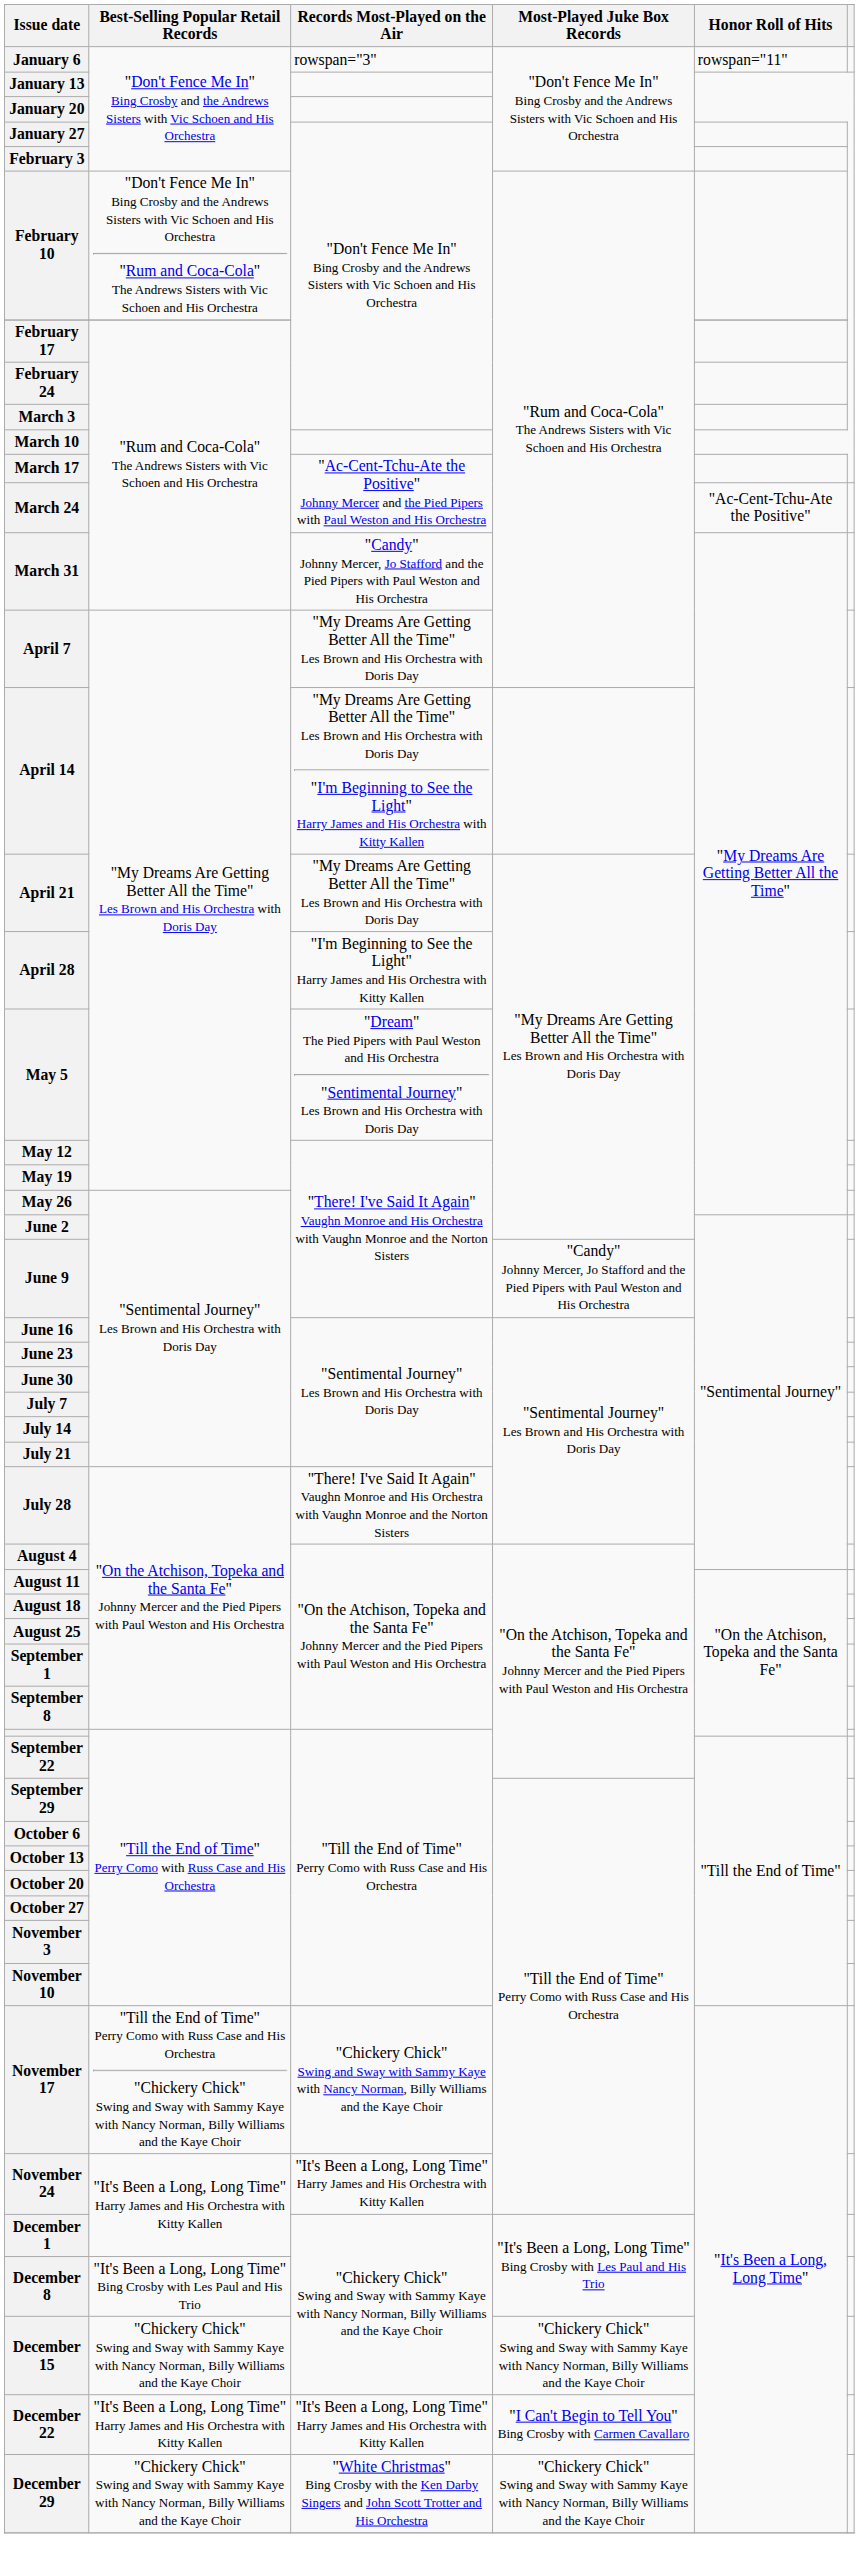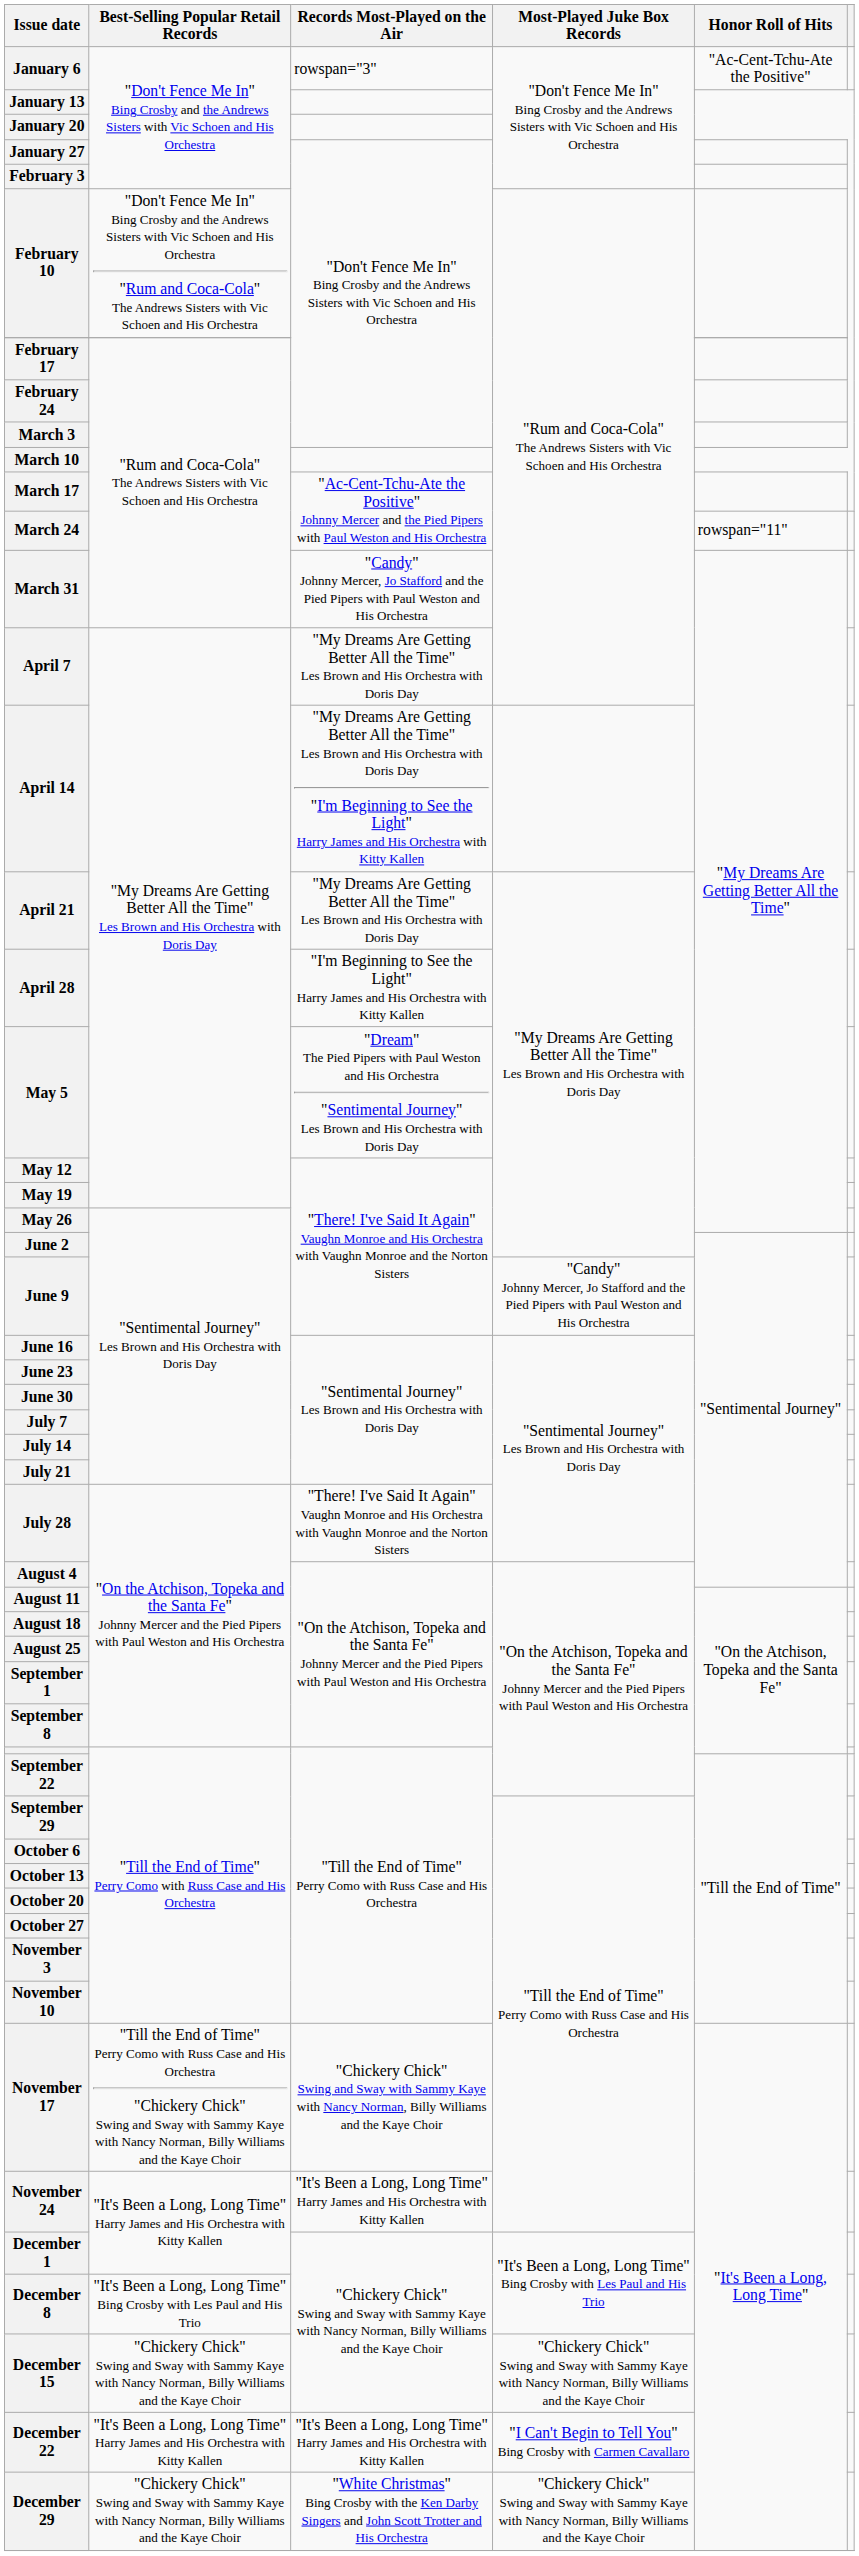 <table class="wikitable sortable plainrowheaders">
 <tr>
 <th>Issue date</th>
 <th>Best-Selling Popular Retail Records</th>
 <th>Records Most-Played on the Air</th>
 <th>Most-Played Juke Box Records</th>
 <th>Honor Roll of Hits</th>
 <th></th>
 </tr>
 <tr>
 <th scope="row">January 6</th>
 <td rowspan="5" style="text-align: center;">"<a href='#'>Don't Fence Me In</a>"<br><small><a href='#'>Bing Crosby</a> and <a href='#'>the Andrews Sisters</a> with <a href='#'>Vic Schoen and His Orchestra</a></small></td>
 <td>rowspan="3" </td>
 <td rowspan="5" style="text-align: center;">"Don't Fence Me In"<br><small>Bing Crosby and the Andrews Sisters with Vic Schoen and His Orchestra</small></td>
-<td>rowspan="11" </td>
+<td style="text-align: center;">"Ac-Cent-Tchu-Ate the Positive"</td>
 <td style="text-align: center;"></td>
 </tr>
 <tr>
 <th scope="row">January 13</th>
 <td style="text-align: center;"></td>
 </tr>
 <tr>
 <th scope="row">January 20</th>
 <td style="text-align: center;"></td>
 </tr>
 <tr>
 <th scope="row">January 27</th>
 <td rowspan="7" style="text-align: center;">"Don't Fence Me In"<br><small>Bing Crosby and the Andrews Sisters with Vic Schoen and His Orchestra</small></td>
 <td style="text-align: center;"></td>
 </tr>
 <tr>
 <th scope="row">February 3</th>
 <td style="text-align: center;"></td>
 </tr>
 <tr>
 <th scope="row">February 10</th>
 <td style="text-align: center;">"Don't Fence Me In"<br><small>Bing Crosby and the Andrews Sisters with Vic Schoen and His Orchestra</small><hr>"<a href='#'>Rum and Coca-Cola</a>"<br><small>The Andrews Sisters with Vic Schoen and His Orchestra</small></td>
 <td rowspan="10" style="text-align: center;">"Rum and Coca-Cola"<br><small>The Andrews Sisters with Vic Schoen and His Orchestra</small></td>
 <td style="text-align: center;"></td>
 </tr>
 <tr>
 </tr>
 <tr>
 <th scope="row">February 17</th>
 <td rowspan="7" style="text-align: center;">"Rum and Coca-Cola"<br><small>The Andrews Sisters with Vic Schoen and His Orchestra</small></td>
 <td style="text-align: center;"></td>
 </tr>
 <tr>
 <th scope="row">February 24</th>
 <td style="text-align: center;"></td>
 </tr>
 <tr>
 <th scope="row">March 3</th>
 <td style="text-align: center;"></td>
 </tr>
 <tr>
 <th scope="row">March 10</th>
 <td style="text-align: center;"></td>
 </tr>
 <tr>
 <th scope="row">March 17</th>
 <td rowspan="2" style="text-align: center;">"<a href='#'>Ac-Cent-Tchu-Ate the Positive</a>"<br><small><a href='#'>Johnny Mercer</a> and <a href='#'>the Pied Pipers</a> with <a href='#'>Paul Weston and His Orchestra</a></small></td>
 <td style="text-align: center;"></td>
 </tr>
 <tr>
 <th scope="row">March 24</th>
-<td style="text-align: center;">"Ac-Cent-Tchu-Ate the Positive"</td>
+<td>rowspan="11" </td>
 <td style="text-align: center;"></td>
 </tr>
 <tr>
 <th scope="row">March 31</th>
 <td style="text-align: center;">"<a href='#'>Candy</a>"<br><small>Johnny Mercer, <a href='#'>Jo Stafford</a> and the Pied Pipers with Paul Weston and His Orchestra</small></td>
 <td style="text-align: center;" rowspan="9">"<a href='#'>My Dreams Are Getting Better All the Time</a>"</td>
 <td style="text-align: center;"></td>
 </tr>
 <tr>
 <th scope="row">April 7</th>
 <td style="text-align: center;" rowspan="7">"My Dreams Are Getting Better All the Time"<br><small><a href='#'>Les Brown and His Orchestra</a> with <a href='#'>Doris Day</a></small></td>
 <td style="text-align: center;">"My Dreams Are Getting Better All the Time"<br><small>Les Brown and His Orchestra with Doris Day</small></td>
 <td style="text-align: center;"></td>
 </tr>
 <tr>
 <th scope="row">April 14</th>
 <td style="text-align: center;">"My Dreams Are Getting Better All the Time"<br><small>Les Brown and His Orchestra with Doris Day</small><hr>"<a href='#'>I'm Beginning to See the Light</a>"<br><small><a href='#'>Harry James and His Orchestra</a> with <a href='#'>Kitty Kallen</a></small></td>
 <td style="text-align: center;"></td>
 </tr>
 <tr>
 <th scope="row">April 21</th>
 <td style="text-align: center;">"My Dreams Are Getting Better All the Time"<br><small>Les Brown and His Orchestra with Doris Day</small></td>
 <td style="text-align: center;" rowspan="7">"My Dreams Are Getting Better All the Time"<br><small>Les Brown and His Orchestra with Doris Day</small></td>
 <td style="text-align: center;"></td>
 </tr>
 <tr>
 <th scope="row">April 28</th>
 <td style="text-align: center;">"I'm Beginning to See the Light"<br><small>Harry James and His Orchestra with Kitty Kallen</small></td>
 <td style="text-align: center;"></td>
 </tr>
 <tr>
 <th scope="row">May 5</th>
 <td style="text-align: center;">"<a href='#'>Dream</a>"<br><small>The Pied Pipers with Paul Weston and His Orchestra</small><hr>"<a href='#'>Sentimental Journey</a>"<br><small>Les Brown and His Orchestra with Doris Day</small></td>
 <td style="text-align: center;"></td>
 </tr>
 <tr>
 <th scope="row">May 12</th>
 <td style="text-align: center;" rowspan="5">"<a href='#'>There! I've Said It Again</a>"<br><small><a href='#'>Vaughn Monroe and His Orchestra</a> with Vaughn Monroe and the Norton Sisters</small></td>
 <td style="text-align: center;"></td>
 </tr>
 <tr>
 <th scope="row">May 19</th>
 <td style="text-align: center;"></td>
 </tr>
 <tr>
 <th scope="row">May 26</th>
 <td style="text-align: center;" rowspan="9">"Sentimental Journey"<br><small>Les Brown and His Orchestra with Doris Day</small></td>
 <td style="text-align: center;"></td>
 </tr>
 <tr>
 <th scope="row">June 2</th>
 <td style="text-align: center;" rowspan="10">"Sentimental Journey"</td>
 <td style="text-align: center;"></td>
 </tr>
 <tr>
 <th scope="row">June 9</th>
 <td style="text-align: center;">"Candy"<br><small>Johnny Mercer, Jo Stafford and the Pied Pipers with Paul Weston and His Orchestra</small></td>
 <td style="text-align: center;"></td>
 </tr>
 <tr>
 <th scope="row">June 16</th>
 <td style="text-align: center;" rowspan="6">"Sentimental Journey"<br><small>Les Brown and His Orchestra with Doris Day</small></td>
 <td style="text-align: center;" rowspan="7">"Sentimental Journey"<br><small>Les Brown and His Orchestra with Doris Day</small></td>
 <td style="text-align: center;"></td>
 </tr>
 <tr>
 <th scope="row">June 23</th>
 <td style="text-align: center;"></td>
 </tr>
 <tr>
 <th scope="row">June 30</th>
 <td style="text-align: center;"></td>
 </tr>
 <tr>
 <th scope="row">July 7</th>
 <td style="text-align: center;"></td>
 </tr>
 <tr>
 <th scope="row">July 14</th>
 <td style="text-align: center;"></td>
 </tr>
 <tr>
 <th scope="row">July 21</th>
 <td style="text-align: center;"></td>
 </tr>
 <tr>
 <th scope="row">July 28</th>
 <td style="text-align: center;" rowspan="7">"<a href='#'>On the Atchison, Topeka and the Santa Fe</a>"<br><small>Johnny Mercer and the Pied Pipers with Paul Weston and His Orchestra</small></td>
 <td style="text-align: center;">"There! I've Said It Again"<br><small>Vaughn Monroe and His Orchestra with Vaughn Monroe and the Norton Sisters</small></td>
 <td style="text-align: center;"></td>
 </tr>
 <tr>
 <th scope="row">August 4</th>
 <td style="text-align: center;" rowspan="6">"On the Atchison, Topeka and the Santa Fe"<br><small>Johnny Mercer and the Pied Pipers with Paul Weston and His Orchestra</small></td>
 <td style="text-align: center;" rowspan="8">"On the Atchison, Topeka and the Santa Fe"<br><small>Johnny Mercer and the Pied Pipers with Paul Weston and His Orchestra</small></td>
 <td style="text-align: center;"></td>
 </tr>
 <tr>
 <th scope="row">August 11</th>
 <td style="text-align: center;" rowspan="6">"On the Atchison, Topeka and the Santa Fe"</td>
 <td style="text-align: center;"></td>
 </tr>
 <tr>
 <th scope="row">August 18</th>
 <td style="text-align: center;"></td>
 </tr>
 <tr>
 <th scope="row">August 25</th>
 <td style="text-align: center;"></td>
 </tr>
 <tr>
 <th scope="row">September 1</th>
 <td style="text-align: center;"></td>
 </tr>
 <tr>
 <th scope="row">September 8</th>
 <td style="text-align: center;"></td>
 </tr>
 <tr>
 <th scope="row"></th>
 <td rowspan="9" style="text-align: center;">"<a href='#'>Till the End of Time</a>"<br><small><a href='#'>Perry Como</a> with <a href='#'>Russ Case and His Orchestra</a></small></td>
 <td rowspan="9" style="text-align: center;">"Till the End of Time"<br><small>Perry Como with Russ Case and His Orchestra</small></td>
 <td style="text-align: center;"></td>
 </tr>
 <tr>
 <th scope="row">September 22</th>
 <td style="text-align: center;" rowspan="8">"Till the End of Time"</td>
 <td style="text-align: center;"></td>
 </tr>
 <tr>
 <th scope="row">September 29</th>
 <td rowspan="9" style="text-align: center;">"Till the End of Time"<br><small>Perry Como with Russ Case and His Orchestra</small></td>
 <td style="text-align: center;"></td>
 </tr>
 <tr>
 <th scope="row">October 6</th>
 <td style="text-align: center;"></td>
 </tr>
 <tr>
 <th scope="row">October 13</th>
 <td style="text-align: center;"></td>
 </tr>
 <tr>
 <th scope="row">October 20</th>
 <td style="text-align: center;"></td>
 </tr>
 <tr>
 <th scope="row">October 27</th>
 <td style="text-align: center;"></td>
 </tr>
 <tr>
 <th scope="row">November 3</th>
 <td style="text-align: center;"></td>
 </tr>
 <tr>
 <th scope="row">November 10</th>
 <td style="text-align: center;"></td>
 </tr>
 <tr>
 <th scope="row">November 17</th>
 <td style="text-align: center;">"Till the End of Time"<br><small>Perry Como with Russ Case and His Orchestra</small><hr>"Chickery Chick"<br><small>Swing and Sway with Sammy Kaye with Nancy Norman, Billy Williams and the Kaye Choir</small></td>
 <td style="text-align: center;">"Chickery Chick"<br><small><a href='#'>Swing and Sway with Sammy Kaye</a> with <a href='#'>Nancy Norman</a>, Billy Williams and the Kaye Choir</small></td>
 <td style="text-align: center;" rowspan="7">"<a href='#'>It's Been a Long, Long Time</a>"</td>
 <td style="text-align: center;"></td>
 </tr>
 <tr>
 <th scope="row">November 24</th>
 <td style="text-align: center;" rowspan="2">"It's Been a Long, Long Time"<br><small>Harry James and His Orchestra with Kitty Kallen</small></td>
 <td style="text-align: center;">"It's Been a Long, Long Time"<br><small>Harry James and His Orchestra with Kitty Kallen</small></td>
 <td style="text-align: center;"></td>
 </tr>
 <tr>
 <th scope="row">December 1</th>
 <td style="text-align: center;" rowspan="3">"Chickery Chick"<br><small>Swing and Sway with Sammy Kaye with Nancy Norman, Billy Williams and the Kaye Choir</small></td>
 <td style="text-align: center;" rowspan="2">"It's Been a Long, Long Time"<br><small>Bing Crosby with <a href='#'>Les Paul and His Trio</a></small></td>
 <td style="text-align: center;"></td>
 </tr>
 <tr>
 <th scope="row">December 8</th>
 <td style="text-align: center;">"It's Been a Long, Long Time"<br><small>Bing Crosby with Les Paul and His Trio</small></td>
 <td style="text-align: center;"></td>
 </tr>
 <tr>
 <th scope="row">December 15</th>
 <td style="text-align: center;">"Chickery Chick"<br><small>Swing and Sway with Sammy Kaye with Nancy Norman, Billy Williams and the Kaye Choir</small></td>
 <td style="text-align: center;">"Chickery Chick"<br><small>Swing and Sway with Sammy Kaye with Nancy Norman, Billy Williams and the Kaye Choir</small></td>
 <td style="text-align: center;"></td>
 </tr>
 <tr>
 <th scope="row">December 22</th>
 <td style="text-align: center;">"It's Been a Long, Long Time"<br><small>Harry James and His Orchestra with Kitty Kallen</small></td>
 <td style="text-align: center;">"It's Been a Long, Long Time"<br><small>Harry James and His Orchestra with Kitty Kallen</small></td>
 <td style="text-align: center;">"<a href='#'>I Can't Begin to Tell You</a>"<br><small>Bing Crosby with <a href='#'>Carmen Cavallaro</a></small></td>
 <td style="text-align: center;"></td>
 </tr>
 <tr>
 <th scope="row">December 29</th>
 <td style="text-align: center;">"Chickery Chick"<br><small>Swing and Sway with Sammy Kaye with Nancy Norman, Billy Williams and the Kaye Choir</small></td>
 <td style="text-align: center;">"<a href='#'>White Christmas</a>"<br><small>Bing Crosby with the <a href='#'>Ken Darby Singers</a> and <a href='#'>John Scott Trotter and His Orchestra</a></small></td>
 <td style="text-align: center;">"Chickery Chick"<br><small>Swing and Sway with Sammy Kaye with Nancy Norman, Billy Williams and the Kaye Choir</small></td>
 <td style="text-align: center;"></td>
 </tr>
 <tr>
 </tr>
 </table>
